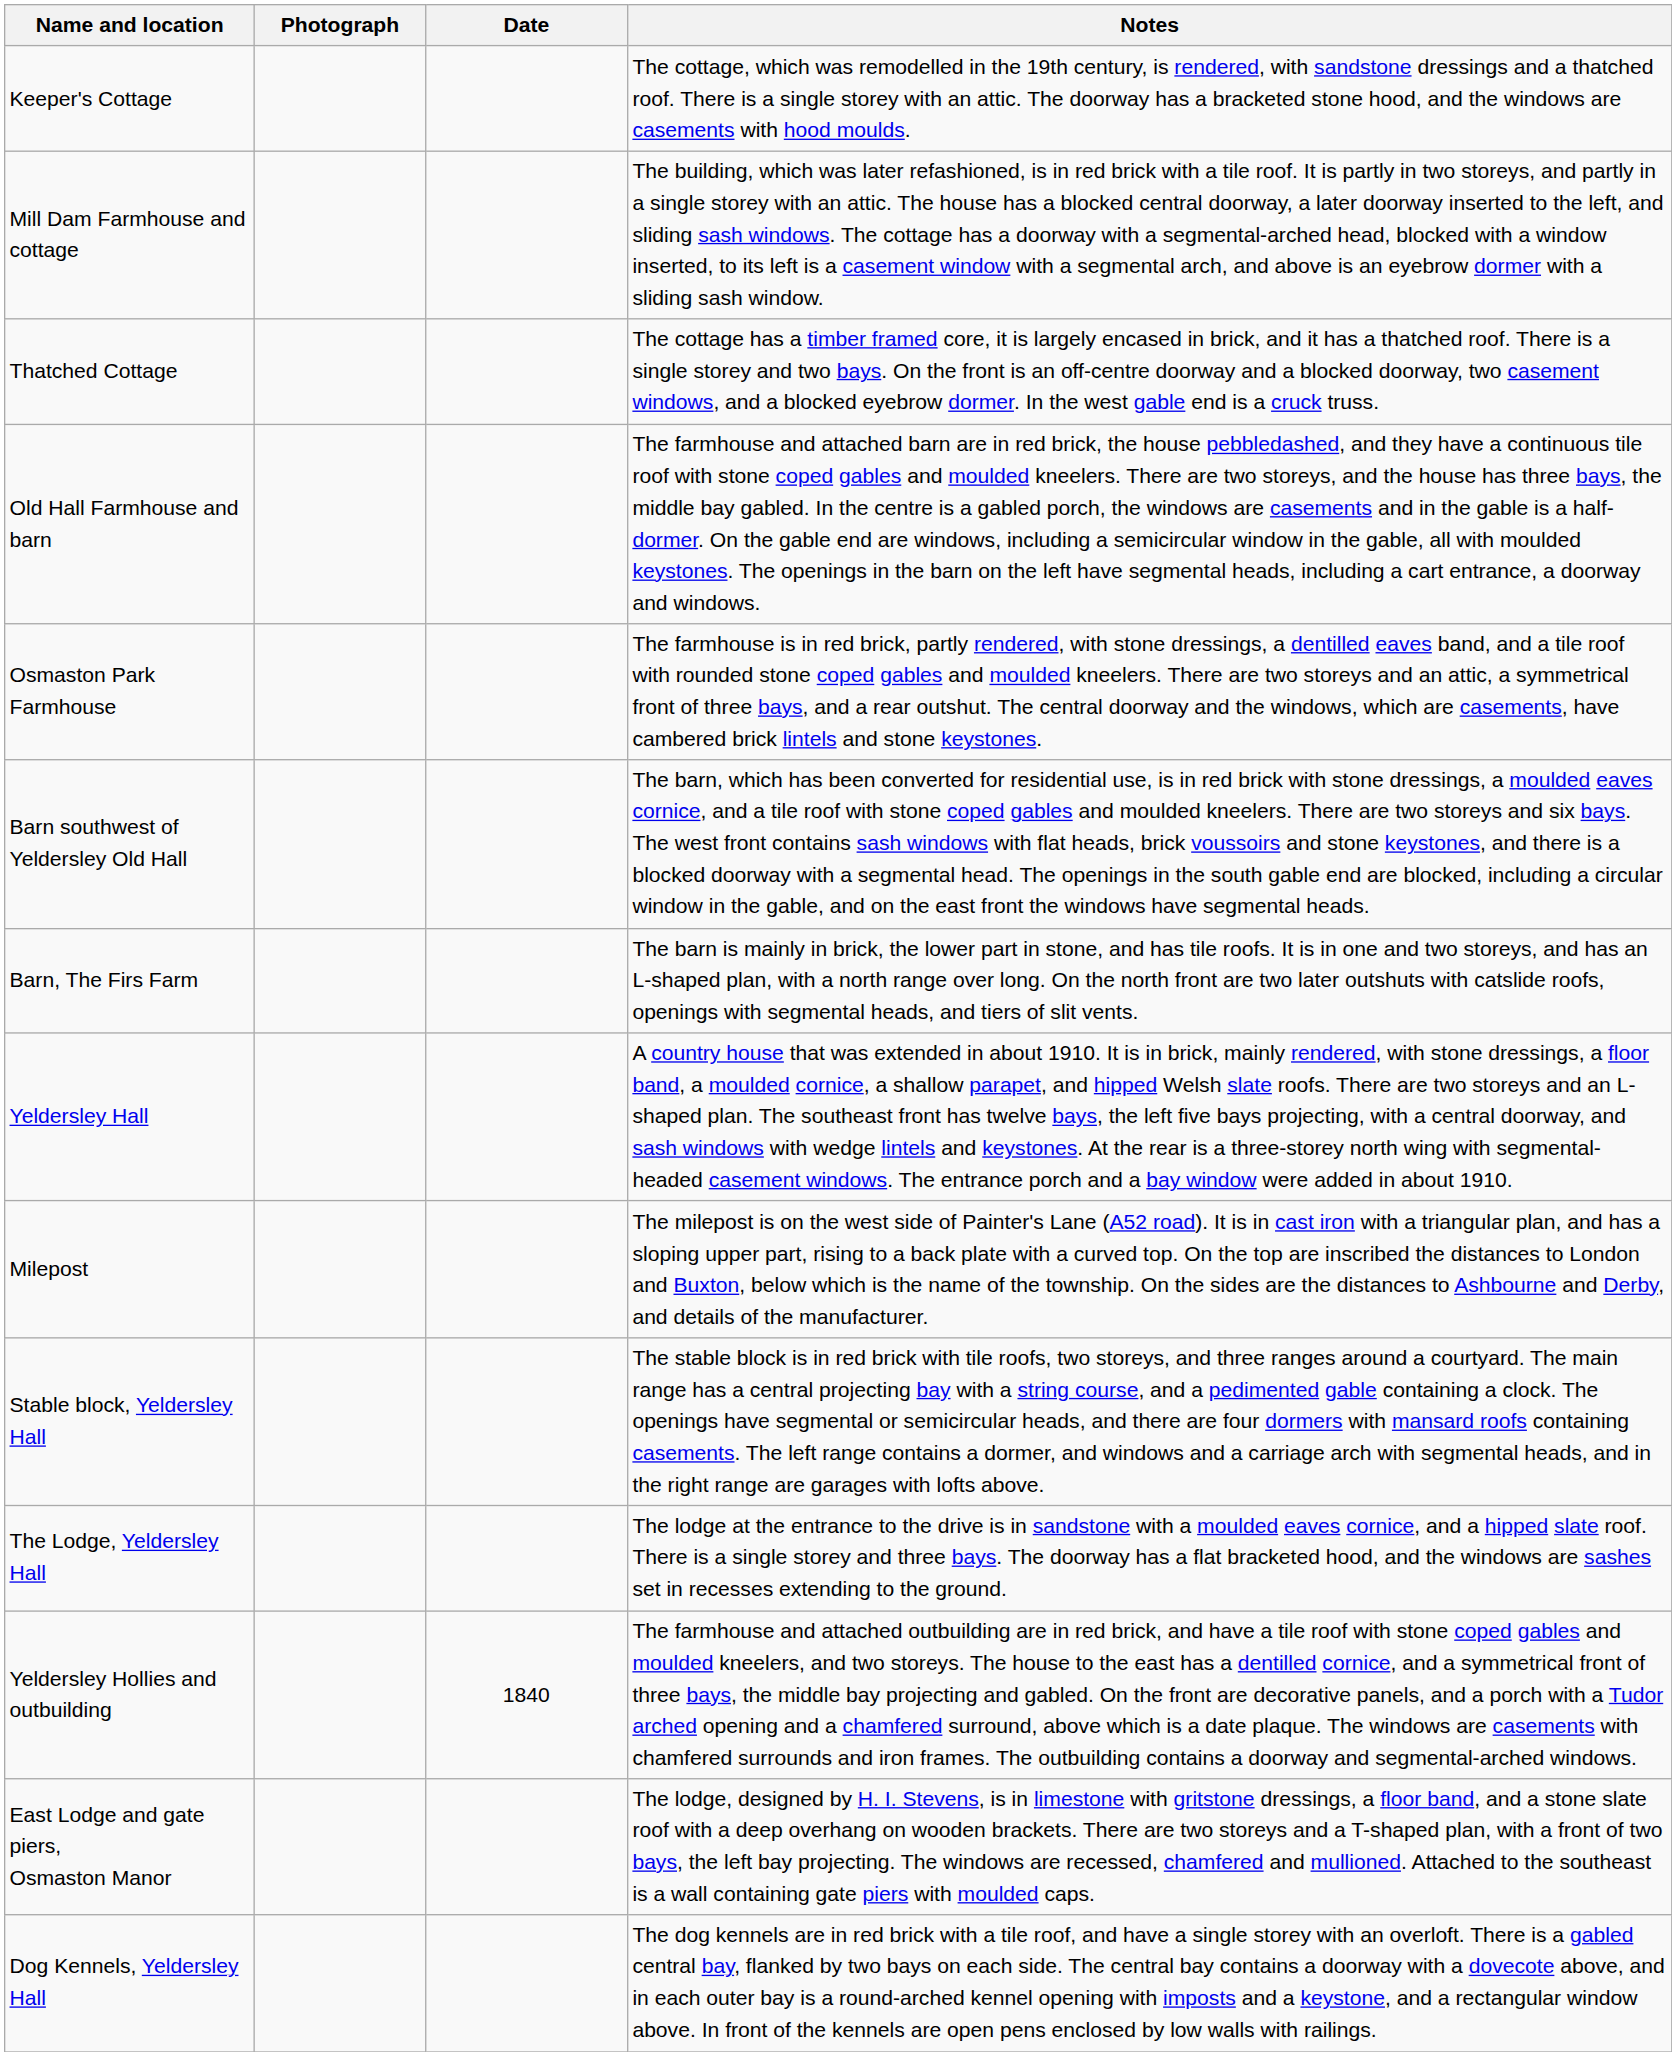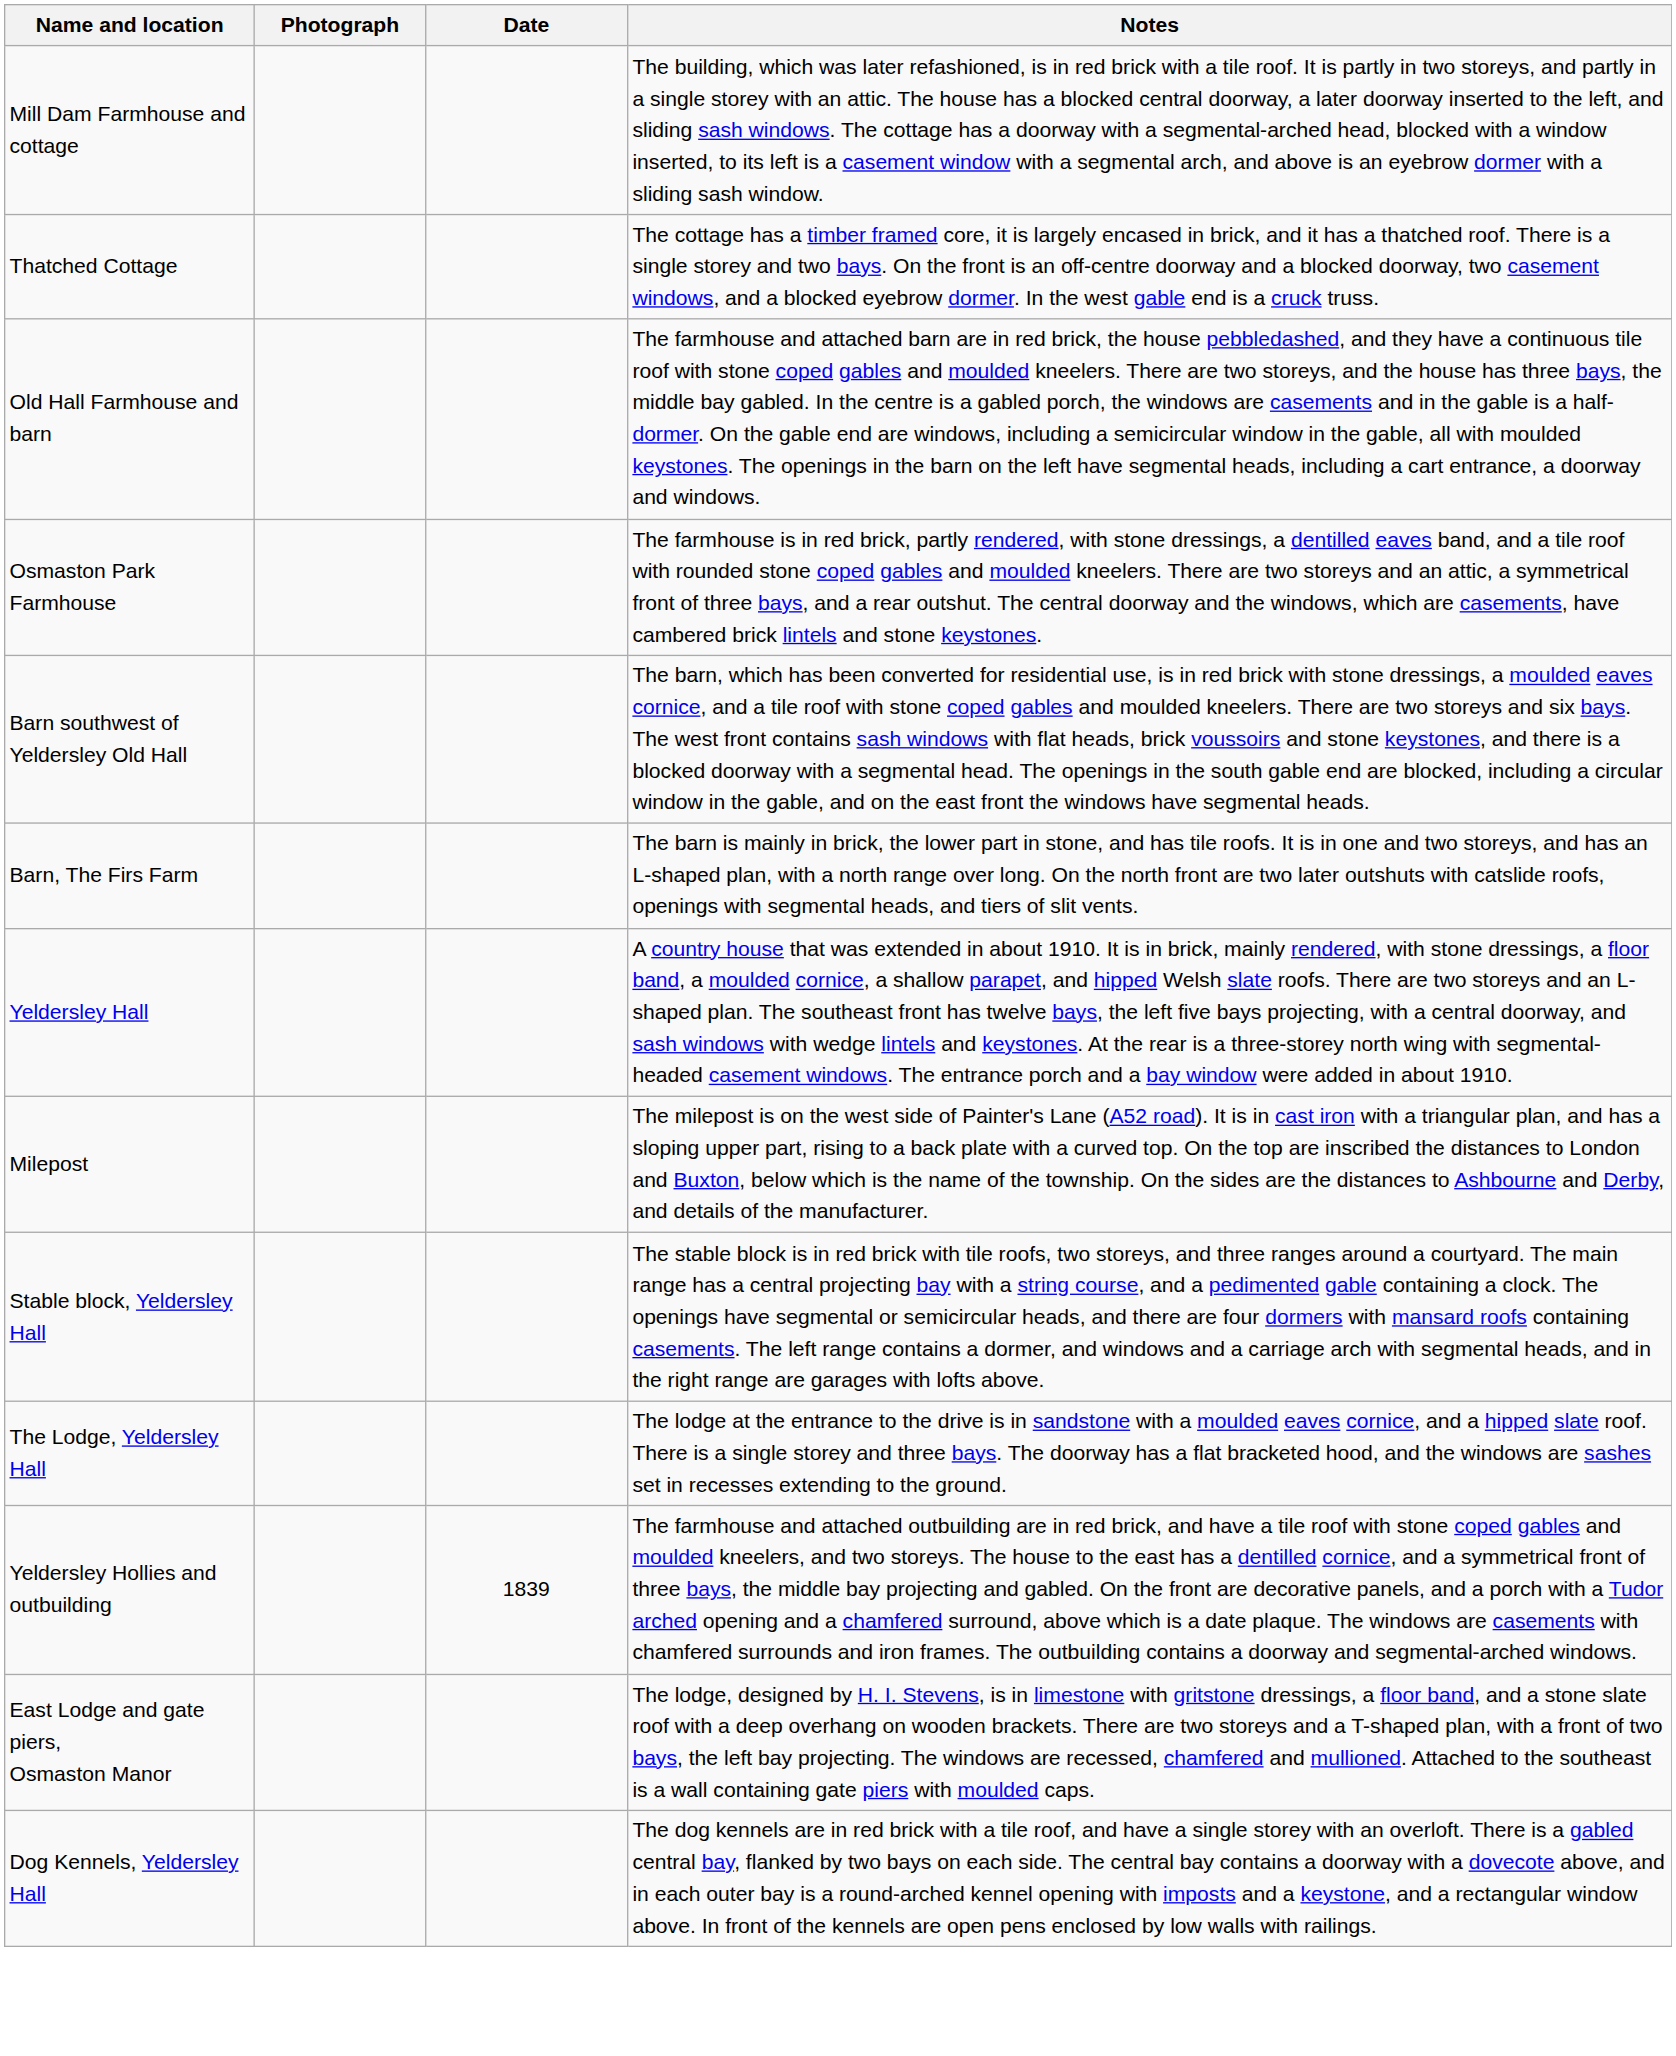 <table class="wikitable sortable plainrowheaders" style="width:100%;border:0px;text-align:left;line-height:150%;">
 <tr>
 <th scope="col"  style="width:150px">Name and location</th>
 <th scope="col"  style="width:100px" class="unsortable">Photograph</th>
 <th scope="col"  style="width:120px">Date</th>
 <th scope="col"  style="width:650px" class="unsortable">Notes</th>
-</tr>
-<tr>
-<td>Keeper's Cottage<br><small></small></td>
-<td></td>
-<td align="center"></td>
-<td>The cottage, which was remodelled in the 19th century, is <a href='#'>rendered</a>, with <a href='#'>sandstone</a> dressings and a thatched roof.  There is a single storey with an attic.  The doorway has a bracketed stone hood, and the windows are <a href='#'>casements</a> with <a href='#'>hood moulds</a>.</td>
 </tr>
 <tr>
 <td>Mill Dam Farmhouse and cottage<br><small></small></td>
 <td></td>
 <td align="center"></td>
 <td>The building, which was later refashioned, is in red brick with a tile roof.  It is partly in two storeys, and partly in a single storey with an attic.  The house has a blocked central doorway, a later doorway inserted to the left, and sliding <a href='#'>sash windows</a>.  The cottage has a doorway with a segmental-arched head, blocked with a window inserted, to its left is a <a href='#'>casement window</a> with a segmental arch, and above is an eyebrow <a href='#'>dormer</a> with a sliding sash window.</td>
 </tr>
 <tr>
 <td>Thatched Cottage<br><small></small></td>
 <td></td>
 <td align="center"></td>
 <td>The cottage has a <a href='#'>timber framed</a> core, it is largely encased in brick, and it has a thatched roof.  There is a single storey and two <a href='#'>bays</a>.  On the front is an off-centre doorway and a blocked doorway, two <a href='#'>casement windows</a>, and a blocked eyebrow <a href='#'>dormer</a>.  In the west <a href='#'>gable</a> end is a <a href='#'>cruck</a> truss.</td>
 </tr>
 <tr>
 <td>Old Hall Farmhouse and barn<br><small></small></td>
 <td></td>
 <td align="center"></td>
 <td>The farmhouse and attached barn are in red brick, the house <a href='#'>pebbledashed</a>, and they have a continuous tile roof with stone <a href='#'>coped</a> <a href='#'>gables</a> and <a href='#'>moulded</a> kneelers.  There are two storeys, and the house has three <a href='#'>bays</a>, the middle bay gabled.  In the centre is a gabled porch, the windows are <a href='#'>casements</a> and in the gable is a half-<a href='#'>dormer</a>.  On the gable end are windows, including a semicircular window in the gable, all with moulded <a href='#'>keystones</a>.  The openings in the barn on the left have segmental heads, including a cart entrance, a doorway and windows.</td>
 </tr>
 <tr>
 <td>Osmaston Park Farmhouse<br><small></small></td>
 <td></td>
 <td align="center"></td>
 <td>The farmhouse is in red brick, partly <a href='#'>rendered</a>, with stone dressings, a <a href='#'>dentilled</a> <a href='#'>eaves</a> band, and a tile roof with rounded stone <a href='#'>coped</a> <a href='#'>gables</a> and <a href='#'>moulded</a> kneelers.  There are two storeys and an attic, a symmetrical front of three <a href='#'>bays</a>, and a rear outshut.  The central doorway and the windows, which are <a href='#'>casements</a>, have cambered brick <a href='#'>lintels</a> and stone <a href='#'>keystones</a>.</td>
 </tr>
 <tr>
 <td>Barn southwest of Yeldersley Old Hall<br><small></small></td>
 <td></td>
 <td align="center"></td>
 <td>The barn, which has been converted for residential use, is in red brick with stone dressings, a <a href='#'>moulded</a> <a href='#'>eaves</a> <a href='#'>cornice</a>, and a tile roof with stone <a href='#'>coped</a> <a href='#'>gables</a> and moulded kneelers.  There are two storeys and six <a href='#'>bays</a>.  The west front contains <a href='#'>sash windows</a> with flat heads, brick <a href='#'>voussoirs</a> and stone <a href='#'>keystones</a>, and there is a blocked doorway with a segmental head.  The openings in the south gable end are blocked, including a circular window in the gable, and on the east front the windows have segmental heads.</td>
 </tr>
 <tr>
 <td>Barn, The Firs Farm<br><small></small></td>
 <td></td>
 <td align="center"></td>
 <td>The barn is mainly in brick, the lower part in stone, and has tile roofs.  It is in one and two storeys, and has an L-shaped plan, with a north range over  long.  On the north front are two later outshuts with catslide roofs, openings with segmental heads, and tiers of slit vents.</td>
 </tr>
 <tr>
 <td><a href='#'>Yeldersley Hall</a><br><small></small></td>
 <td></td>
 <td align="center"></td>
 <td>A <a href='#'>country house</a> that was extended in about 1910.  It is in brick, mainly <a href='#'>rendered</a>, with stone dressings, a <a href='#'>floor band</a>, a <a href='#'>moulded</a> <a href='#'>cornice</a>, a shallow <a href='#'>parapet</a>, and <a href='#'>hipped</a> Welsh <a href='#'>slate</a> roofs.  There are two storeys and an L-shaped plan.  The southeast front has twelve <a href='#'>bays</a>, the left five bays projecting, with a central doorway, and <a href='#'>sash windows</a> with wedge <a href='#'>lintels</a> and <a href='#'>keystones</a>.  At the rear is a three-storey north wing with segmental-headed <a href='#'>casement windows</a>.  The entrance porch and a <a href='#'>bay window</a> were added in about 1910.</td>
 </tr>
 <tr>
 <td>Milepost<br><small></small></td>
 <td></td>
 <td align="center"></td>
 <td>The milepost is on the west side of Painter's Lane (<a href='#'>A52 road</a>).  It is in <a href='#'>cast iron</a> with a triangular plan, and has a sloping upper part, rising to a back plate with a curved top.  On the top are inscribed the distances to London and <a href='#'>Buxton</a>, below which is the name of the township.  On the sides are the distances to <a href='#'>Ashbourne</a> and <a href='#'>Derby</a>, and details of the manufacturer.</td>
 </tr>
 <tr>
 <td>Stable block, <a href='#'>Yeldersley Hall</a><br><small></small></td>
 <td></td>
 <td align="center"></td>
 <td>The stable block is in red brick with tile roofs, two storeys, and three ranges around a courtyard.  The main range has a central projecting <a href='#'>bay</a> with a <a href='#'>string course</a>, and a <a href='#'>pedimented</a> <a href='#'>gable</a> containing a clock.  The openings have segmental or semicircular heads, and there are four <a href='#'>dormers</a> with <a href='#'>mansard roofs</a> containing <a href='#'>casements</a>.    The left range contains a dormer, and windows and a carriage arch with segmental heads, and in the right range are garages with lofts above.</td>
 </tr>
 <tr>
 <td>The Lodge, <a href='#'>Yeldersley Hall</a><br><small></small></td>
 <td></td>
 <td align="center"></td>
 <td>The lodge at the entrance to the drive is in <a href='#'>sandstone</a> with a <a href='#'>moulded</a> <a href='#'>eaves</a> <a href='#'>cornice</a>, and a <a href='#'>hipped</a> <a href='#'>slate</a> roof.  There is a single storey and three <a href='#'>bays</a>.  The doorway has a flat bracketed hood, and the windows are <a href='#'>sashes</a> set in recesses extending to the ground.</td>
 </tr>
 <tr>
 <td>Yeldersley Hollies and outbuilding<br><small></small></td>
 <td></td>
-<td align="center">1840</td>
+<td align="center">1839</td>
 <td>The farmhouse and attached outbuilding are in red brick, and have a tile roof with stone <a href='#'>coped</a> <a href='#'>gables</a> and <a href='#'>moulded</a> kneelers, and two storeys.  The house to the east has a <a href='#'>dentilled</a> <a href='#'>cornice</a>, and a symmetrical front of three <a href='#'>bays</a>, the middle bay projecting and gabled.   On the front are decorative panels, and a porch with a <a href='#'>Tudor arched</a> opening and a <a href='#'>chamfered</a> surround, above which is a date plaque.  The windows are <a href='#'>casements</a> with chamfered surrounds and iron frames.  The outbuilding contains a doorway and segmental-arched windows.</td>
 </tr>
 <tr>
 <td>East Lodge and gate piers,<br>Osmaston Manor<br><small></small></td>
 <td></td>
 <td align="center"></td>
 <td>The lodge, designed by <a href='#'>H. I. Stevens</a>, is in <a href='#'>limestone</a> with <a href='#'>gritstone</a> dressings, a <a href='#'>floor band</a>, and a stone slate roof with a deep overhang on wooden brackets.  There are two storeys and a T-shaped plan, with a front of two <a href='#'>bays</a>, the left bay projecting.  The windows are recessed, <a href='#'>chamfered</a> and <a href='#'>mullioned</a>.  Attached to the southeast is a wall containing gate <a href='#'>piers</a> with <a href='#'>moulded</a> caps.</td>
 </tr>
 <tr>
 <td>Dog Kennels, <a href='#'>Yeldersley Hall</a><br><small></small></td>
 <td></td>
 <td align="center"></td>
 <td>The dog kennels are in red brick with a tile roof, and have a single storey with an overloft.  There is a <a href='#'>gabled</a> central <a href='#'>bay</a>, flanked by two bays on each side.  The central bay contains a doorway with a <a href='#'>dovecote</a> above, and in each outer bay is a round-arched kennel opening with <a href='#'>imposts</a> and a <a href='#'>keystone</a>, and a rectangular window above.  In front of the kennels are open pens enclosed by low walls with railings.</td>
 </tr>
 <tr>
 </tr>
 </table>
